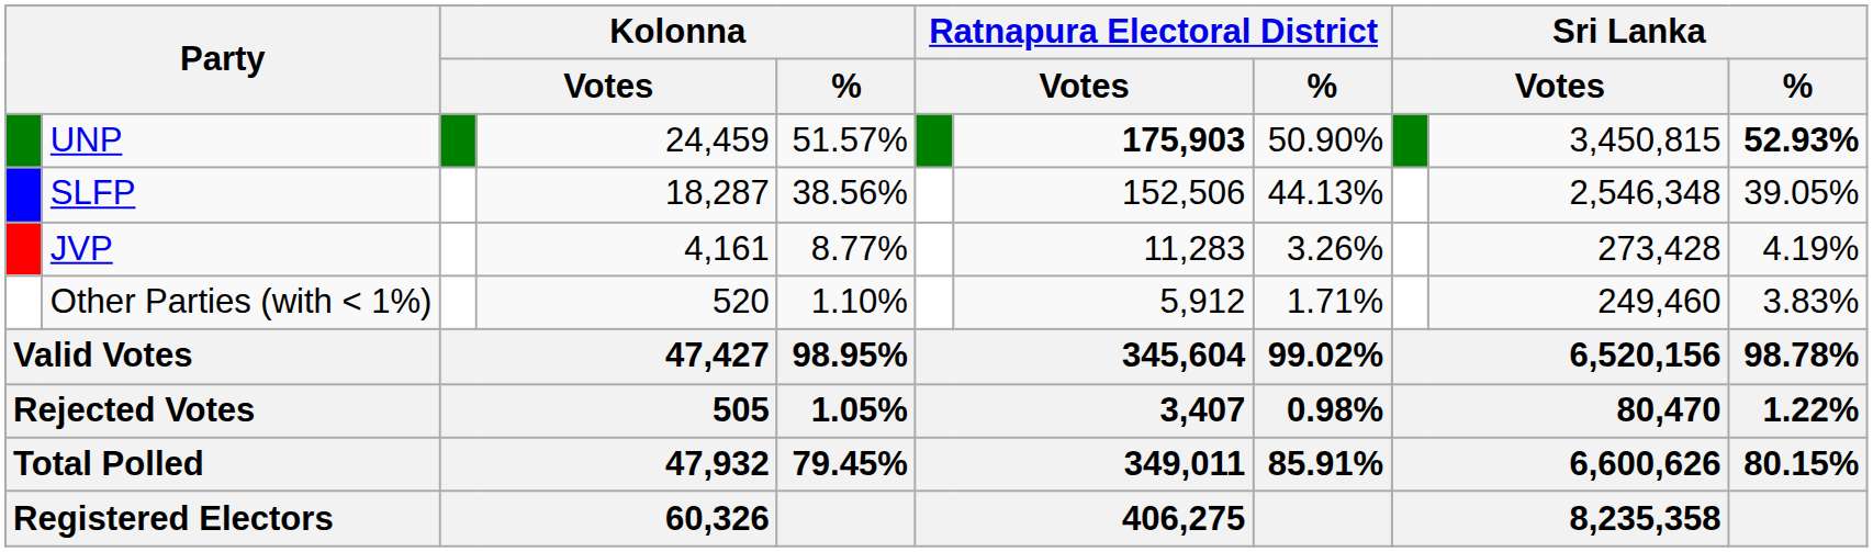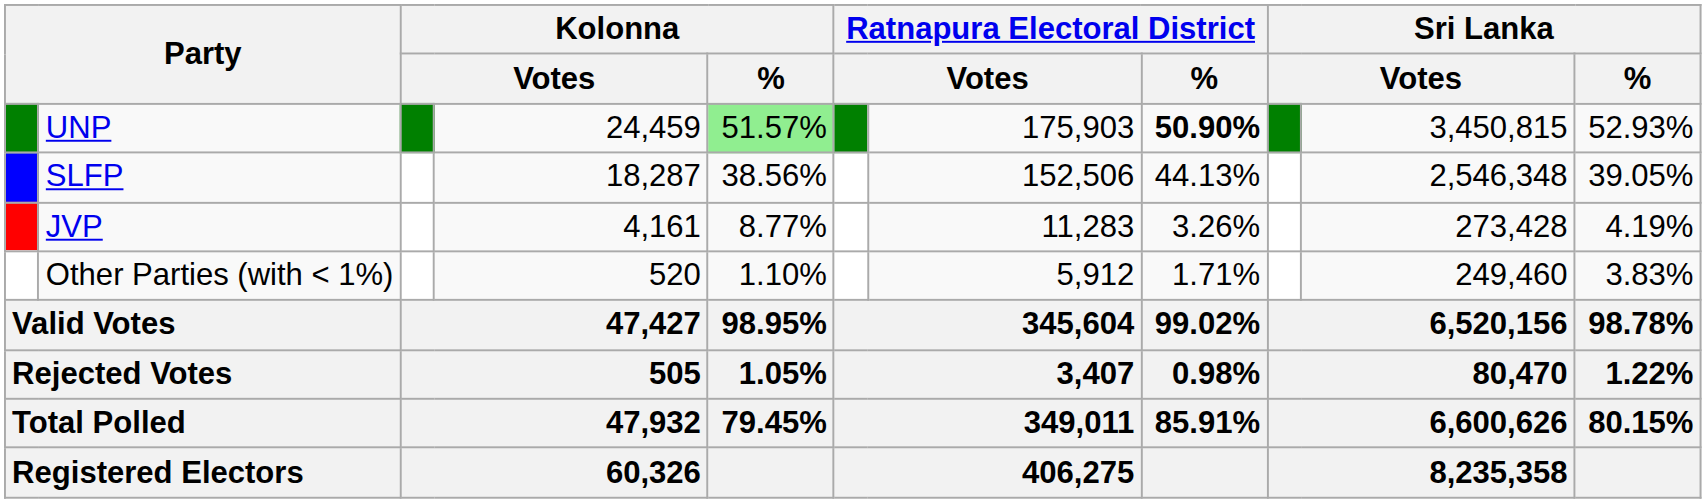 <table class="wikitable">
 <tr>
 <th colspan="2" width="144px"rowspan="2">Party</th>
 <th colspan="3" width="216px">Kolonna</th>
 <th colspan="3" width="216px"><a href='#'>Ratnapura Electoral District</a></th>
 <th colspan="3" width="216px">Sri Lanka</th>
 </tr>
 <tr>
 <th colspan="2" width="144px">Votes</th>
 <th>%</th>
 <th colspan="2" width="144px">Votes</th>
 <th>%</th>
 <th colspan="2" width="144px">Votes</th>
 <th>%</th>
 </tr>
 <tr>
 <td style="background-color:green;" width="10px"></td>
 <td style="text-align:left;"><a href='#'>UNP</a></td>
 <td style="background-color:green;" width="10px"></td>
 <td style="text-align:right;">24,459</td>
-<td style="text-align:right;">51.57%</td>
+<td style="background: lightgreen; text-align:right;">51.57%</td>
 <td style="background-color:green;" width="10px"></td>
-<td style="text-align:right;"><strong>175,903</strong></td>
-<td style="text-align:right;">50.90%</td>
+<td style="text-align:right;">175,903</td>
+<td style="text-align:right;"><strong>50.90%</strong></td>
 <td style="background-color:green;" width="10px"></td>
 <td style="text-align:right;">3,450,815</td>
-<td style="text-align:right;"><strong>52.93%</strong></td>
+<td style="text-align:right;">52.93%</td>
 </tr>
 <tr>
 <td style="background-color:blue;" width="10px"></td>
 <td style="text-align:left;"><a href='#'>SLFP</a></td>
 <td style="background-color:white;" width="10px"></td>
 <td style="text-align:right;">18,287</td>
 <td style="text-align:right;">38.56%</td>
 <td style="background-color:white;" width="10px"></td>
 <td style="text-align:right;">152,506</td>
 <td style="text-align:right;">44.13%</td>
 <td style="background-color:white;" width="10px"></td>
 <td style="text-align:right;">2,546,348</td>
 <td style="text-align:right;">39.05%</td>
 </tr>
 <tr>
 <td style="background-color:red;" width="10px"></td>
 <td style="text-align:left;"><a href='#'>JVP</a></td>
 <td style="background-color:white;" width="10px"></td>
 <td style="text-align:right;">4,161</td>
 <td style="text-align:right;">8.77%</td>
 <td style="background-color:white;" width="10px"></td>
 <td style="text-align:right;">11,283</td>
 <td style="text-align:right;">3.26%</td>
 <td style="background-color:white;" width="10px"></td>
 <td style="text-align:right;">273,428</td>
 <td style="text-align:right;">4.19%</td>
 </tr>
 <tr>
 <td style="background-color:white;" width="10px"></td>
 <td style="text-align:left;">Other Parties (with < 1%)</td>
 <td style="background-color:white;" width="10px"></td>
 <td style="text-align:right;">520</td>
 <td style="text-align:right;">1.10%</td>
 <td style="background-color:white;" width="10px"></td>
 <td style="text-align:right;">5,912</td>
 <td style="text-align:right;">1.71%</td>
 <td style="background-color:white;" width="10px"></td>
 <td style="text-align:right;">249,460</td>
 <td style="text-align:right;">3.83%</td>
 </tr>
 <tr>
 <th colspan="2" width="144px"style="text-align:left;">Valid Votes</th>
 <th style="text-align:right;"colspan="2" width="144px">47,427</th>
 <th style="text-align:right;">98.95%</th>
 <th style="text-align:right;"colspan="2" width="144px">345,604</th>
 <th style="text-align:right;">99.02%</th>
 <th style="text-align:right;"colspan="2" width="144px">6,520,156</th>
 <th style="text-align:right;">98.78%</th>
 </tr>
 <tr>
 <th colspan="2" width="144px"style="text-align:left;">Rejected Votes</th>
 <th style="text-align:right;"colspan="2" width="144px">505</th>
 <th style="text-align:right;">1.05%</th>
 <th style="text-align:right;"colspan="2" width="144px">3,407</th>
 <th style="text-align:right;">0.98%</th>
 <th style="text-align:right;"colspan="2" width="144px">80,470</th>
 <th style="text-align:right;">1.22%</th>
 </tr>
 <tr>
 <th colspan="2" width="144px"style="text-align:left;">Total Polled</th>
 <th style="text-align:right;"colspan="2" width="144px">47,932</th>
 <th style="text-align:right;">79.45%</th>
 <th style="text-align:right;"colspan="2" width="144px">349,011</th>
 <th style="text-align:right;">85.91%</th>
 <th style="text-align:right;"colspan="2" width="144px">6,600,626</th>
 <th style="text-align:right;">80.15%</th>
 </tr>
 <tr>
 <th colspan="2" width="144px"style="text-align:left;">Registered Electors</th>
 <th style="text-align:right;"colspan="2" width="144px">60,326</th>
 <th></th>
 <th style="text-align:right;"colspan="2" width="144px">406,275</th>
 <th></th>
 <th style="text-align:right;"colspan="2" width="144px">8,235,358</th>
 <th></th>
 </tr>
 </table>
